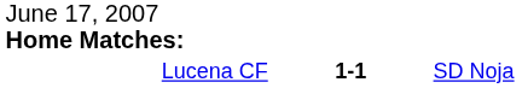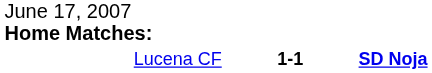 <table width=100% cellspacing=1>
 <tr>
 <th width=20%></th>
 <th width=12%></th>
 <th width=20%></th>
 <th></th>
 </tr>
 <tr>
 <td>June 17, 2007<br><strong>Home Matches:</strong></td>
 </tr>
 <tr style=font-size:90%>
 <td align=right><a href='#'>Lucena CF</a></td>
 <td align=center><strong>1-1</strong></td>
-<td><a href='#'>SD Noja</a></td>
+<td><strong><a href='#'>SD Noja</a></strong></td>
 </tr>
 </table>
